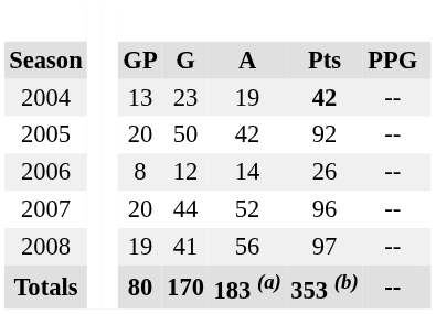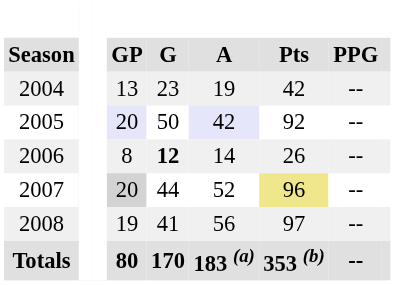 <table BORDER="0" CELLPADDING="3" CELLSPACING="0">
 <tr ALIGN="center" bgcolor="#e0e0e0">
 <th colspan="1" bgcolor="#ffffff"> </th>
 <th rowspan="99" bgcolor="#ffffff"> </th>
 <th rowspan="99" bgcolor="#ffffff"> </th>
 </tr>
 <tr ALIGN="center" bgcolor="#e0e0e0">
 <th>Season</th>
 <th>GP</th>
 <th>G</th>
 <th>A</th>
 <th>Pts</th>
 <th>PPG</th>
 <th></th>
 </tr>
 <tr ALIGN="center" bgcolor="#f0f0f0">
 <td>2004</td>
 <td>13</td>
 <td>23</td>
 <td>19</td>
-<td><strong>42</strong></td>
+<td>42</td>
 <td>--</td>
 <td></td>
 </tr>
 <tr ALIGN="center">
 <td>2005</td>
-<td>20</td>
+<td style="background: lavender;">20</td>
 <td>50</td>
-<td>42</td>
+<td style="background: lavender;">42</td>
 <td>92</td>
 <td>--</td>
 <td></td>
 </tr>
 <tr ALIGN="center" bgcolor="#f0f0f0">
 <td>2006</td>
 <td>8</td>
-<td>12</td>
+<td><strong>12</strong></td>
 <td>14</td>
 <td>26</td>
 <td>--</td>
 <td></td>
 </tr>
 <tr ALIGN="center">
 <td>2007</td>
-<td>20</td>
+<td style="background: lightgrey;">20</td>
 <td>44</td>
 <td>52</td>
-<td>96</td>
+<td style="background: khaki;">96</td>
 <td>--</td>
 <td></td>
 </tr>
 <tr ALIGN="center" bgcolor="#f0f0f0">
 <td>2008</td>
 <td>19</td>
 <td>41</td>
 <td>56</td>
 <td>97</td>
 <td>--</td>
 <td></td>
 </tr>
 <tr ALIGN="center" bgcolor="#e0e0e0">
 <th colspan="1.5">Totals</th>
 <th>80</th>
 <th>170</th>
 <th>183 <sup><strong><em>(a)</em></strong></sup></th>
 <th>353 <sup><strong><em>(b)</em></strong></sup></th>
 <th>--</th>
 <th></th>
 </tr>
 </table>
